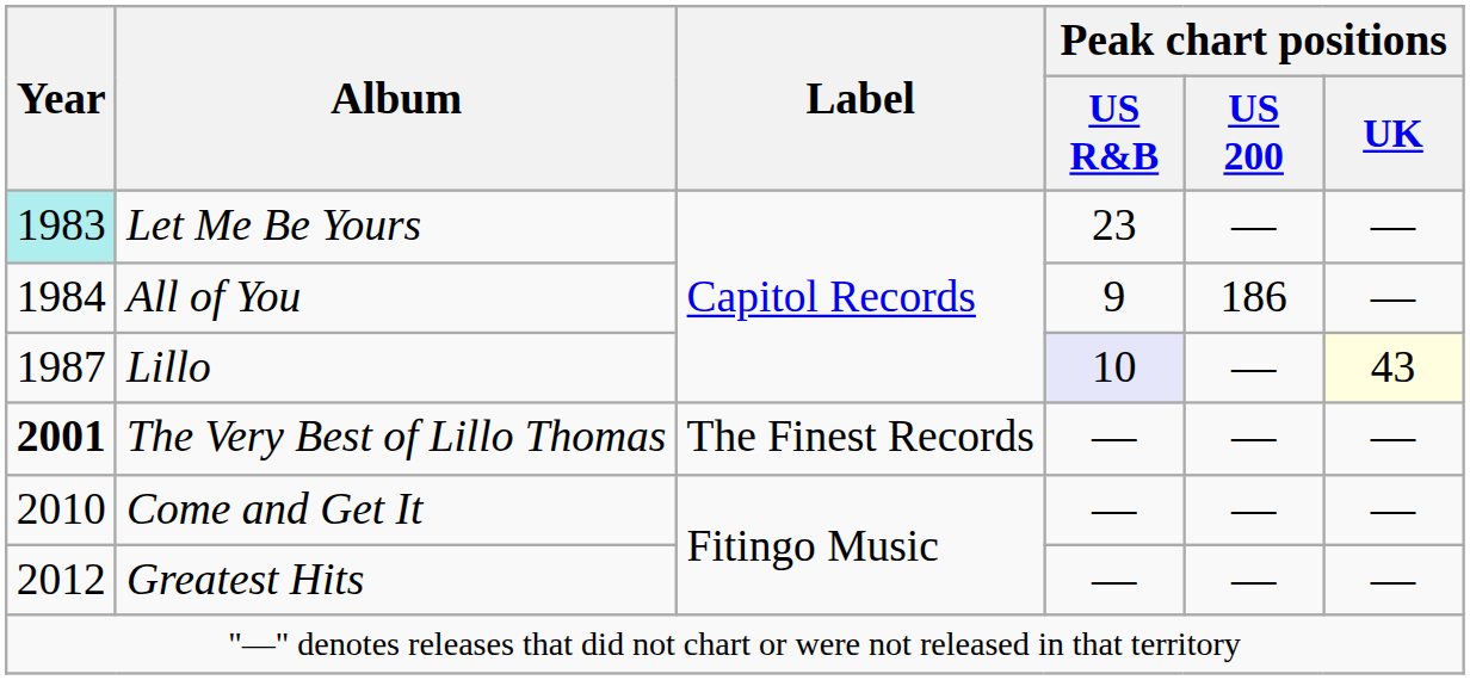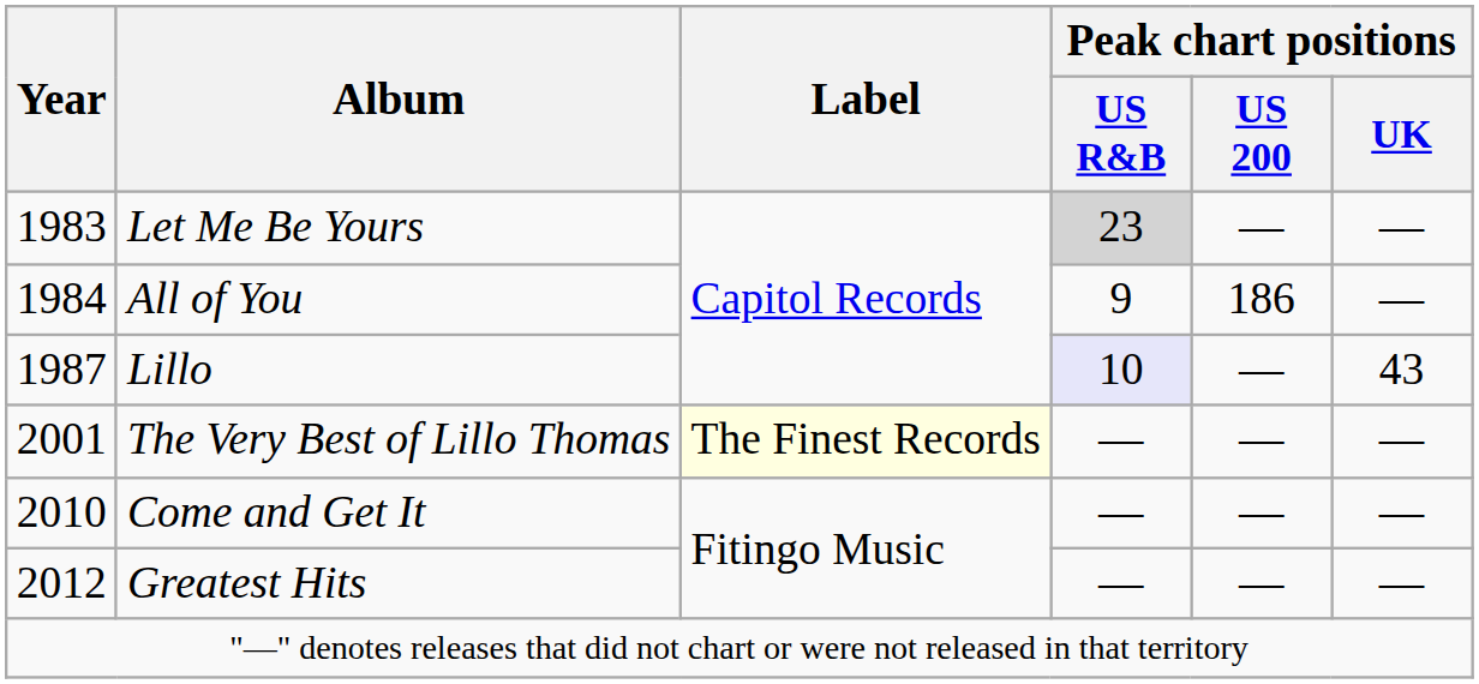 <table class=wikitable>
 <tr>
 <th scope="col" rowspan="2">Year</th>
 <th scope="col" rowspan="2">Album</th>
 <th scope="col" rowspan="2">Label</th>
 <th scope="col" colspan="3">Peak chart positions</th>
 </tr>
 <tr>
 <th style="width:3em;font-size:90%;"><a href='#'>US R&B</a><br></th>
 <th style="width:3em;font-size:90%;"><a href='#'>US 200</a><br></th>
 <th style="width:3em;font-size:90%;"><a href='#'>UK</a><br></th>
 </tr>
 <tr>
-<td style="background: paleturquoise;">1983</td>
+<td>1983</td>
 <td><em>Let Me Be Yours</em></td>
 <td rowspan="3"><a href='#'>Capitol Records</a></td>
-<td style="text-align:center">23</td>
+<td style="background: lightgrey; text-align:center">23</td>
 <td style="text-align:center">—</td>
 <td style="text-align:center">—</td>
 </tr>
 <tr>
 <td>1984</td>
 <td><em>All of You</em></td>
 <td style="text-align:center">9</td>
 <td style="text-align:center">186</td>
 <td style="text-align:center">—</td>
 </tr>
 <tr>
 <td>1987</td>
 <td><em>Lillo</em></td>
 <td style="background: lavender; text-align:center">10</td>
 <td style="text-align:center">—</td>
-<td style="background: lightyellow; text-align:center">43</td>
+<td style="text-align:center">43</td>
 </tr>
 <tr>
-<td><strong>2001</strong></td>
+<td>2001</td>
 <td><em>The Very Best of Lillo Thomas</em></td>
-<td>The Finest Records</td>
+<td style="background: lightyellow;">The Finest Records</td>
 <td style="text-align:center">—</td>
 <td style="text-align:center">—</td>
 <td style="text-align:center">—</td>
 </tr>
 <tr>
 <td>2010</td>
 <td><em>Come and Get It</em></td>
 <td rowspan="2">Fitingo Music</td>
 <td style="text-align:center">—</td>
 <td style="text-align:center">—</td>
 <td style="text-align:center">—</td>
 </tr>
 <tr>
 <td>2012</td>
 <td><em>Greatest Hits</em></td>
 <td style="text-align:center">—</td>
 <td style="text-align:center">—</td>
 <td style="text-align:center">—</td>
 </tr>
 <tr>
 <td colspan="6" style="text-align:center; font-size:9pt;">"—" denotes releases that did not chart or were not released in that territory</td>
 </tr>
 </table>
